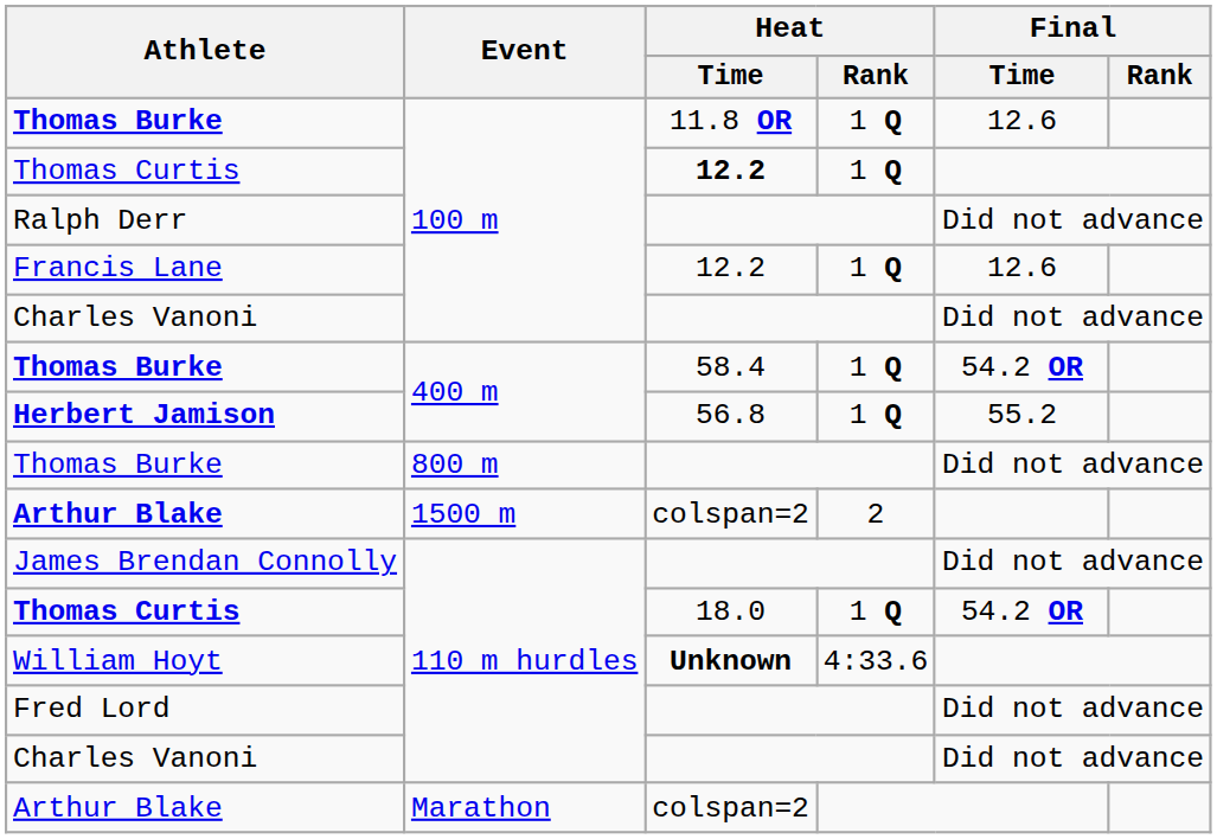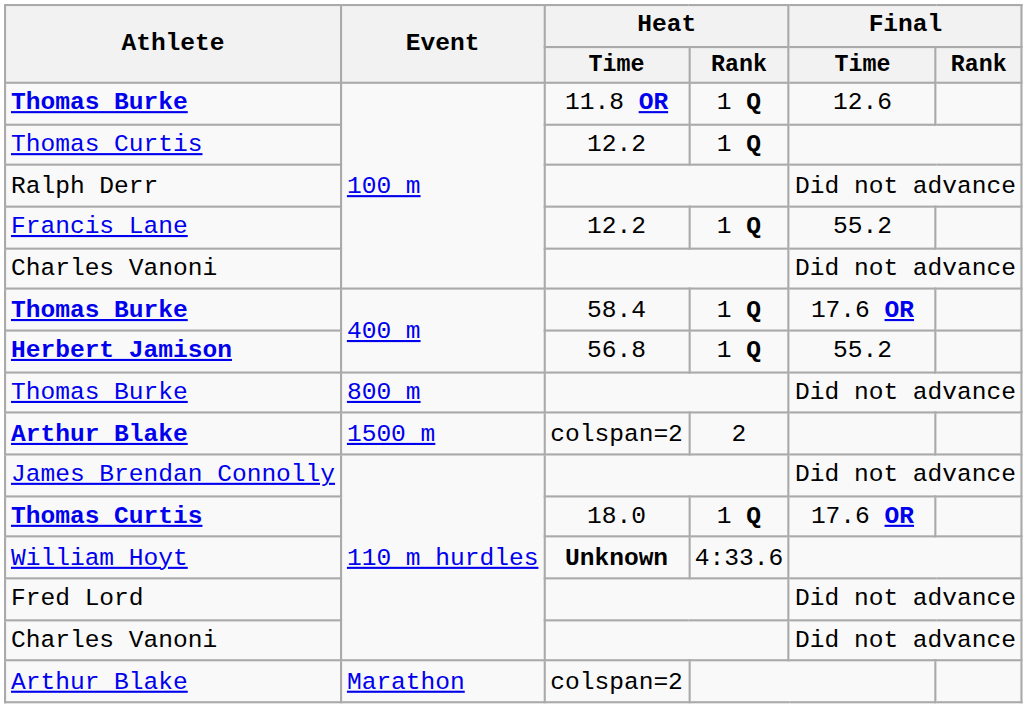 <table class=wikitable style=font-size:90%;text-align:center>
 <tr>
 <th rowspan=2>Athlete</th>
 <th rowspan=2>Event</th>
 <th colspan=2>Heat</th>
 <th colspan=2>Final</th>
 </tr>
 <tr style=font-size:95%>
 <th>Time</th>
 <th>Rank</th>
 <th>Time</th>
 <th>Rank</th>
 </tr>
 <tr>
 <td align=left><strong><a href='#'>Thomas Burke</a></strong></td>
 <td align=left rowspan=5><a href='#'>100 m</a></td>
 <td>11.8 <a href='#'><strong>OR</strong></a></td>
 <td>1 <strong>Q</strong></td>
 <td>12.6</td>
 <td></td>
 </tr>
 <tr>
 <td align=left><a href='#'>Thomas Curtis</a></td>
-<td><strong>12.2</strong></td>
+<td>12.2</td>
 <td>1 <strong>Q</strong></td>
 <td colspan=2></td>
 </tr>
 <tr>
 <td align=left>Ralph Derr</td>
 <td colspan=2></td>
 <td colspan=2>Did not advance</td>
 </tr>
 <tr>
 <td align=left><a href='#'>Francis Lane</a></td>
 <td>12.2</td>
 <td>1 <strong>Q</strong></td>
-<td>12.6</td>
+<td>55.2</td>
 <td></td>
 </tr>
 <tr>
 <td align=left>Charles Vanoni</td>
 <td colspan=2></td>
 <td colspan=2>Did not advance</td>
 </tr>
 <tr>
 <td align=left><strong><a href='#'>Thomas Burke</a></strong></td>
 <td align=left rowspan=2><a href='#'>400 m</a></td>
 <td>58.4</td>
 <td>1 <strong>Q</strong></td>
-<td>54.2 <a href='#'><strong>OR</strong></a></td>
+<td>17.6 <a href='#'><strong>OR</strong></a></td>
 <td></td>
 </tr>
 <tr>
 <td align=left><strong><a href='#'>Herbert Jamison</a></strong></td>
 <td>56.8</td>
 <td>1 <strong>Q</strong></td>
 <td>55.2</td>
 <td></td>
 </tr>
 <tr>
 <td align=left><a href='#'>Thomas Burke</a></td>
 <td align=left><a href='#'>800 m</a></td>
 <td colspan=2></td>
 <td colspan=2>Did not advance</td>
 </tr>
 <tr>
 <td align=left><strong><a href='#'>Arthur Blake</a></strong></td>
 <td align=left><a href='#'>1500 m</a></td>
 <td>colspan=2 </td>
 <td>2</td>
 <td></td>
 </tr>
 <tr>
 <td align=left><a href='#'>James Brendan Connolly</a></td>
 <td align=left rowspan=5><a href='#'>110 m hurdles</a></td>
 <td colspan=2></td>
 <td colspan=2>Did not advance</td>
 </tr>
 <tr>
 <td align=left><strong><a href='#'>Thomas Curtis</a></strong></td>
 <td>18.0</td>
 <td>1 <strong>Q</strong></td>
-<td>54.2 <a href='#'><strong>OR</strong></a></td>
+<td>17.6 <a href='#'><strong>OR</strong></a></td>
 <td></td>
 </tr>
 <tr>
 <td align=left><a href='#'>William Hoyt</a></td>
 <td><strong>Unknown</strong></td>
 <td>4:33.6</td>
 <td colspan=2></td>
 </tr>
 <tr>
 <td align=left>Fred Lord</td>
 <td colspan=2></td>
 <td colspan=2>Did not advance</td>
 </tr>
 <tr>
 <td align=left>Charles Vanoni</td>
 <td colspan=2></td>
 <td colspan=2>Did not advance</td>
 </tr>
 <tr>
 <td align=left><a href='#'>Arthur Blake</a></td>
 <td align=left><a href='#'>Marathon</a></td>
 <td>colspan=2 </td>
 <td colspan=2></td>
 </tr>
 </table>
